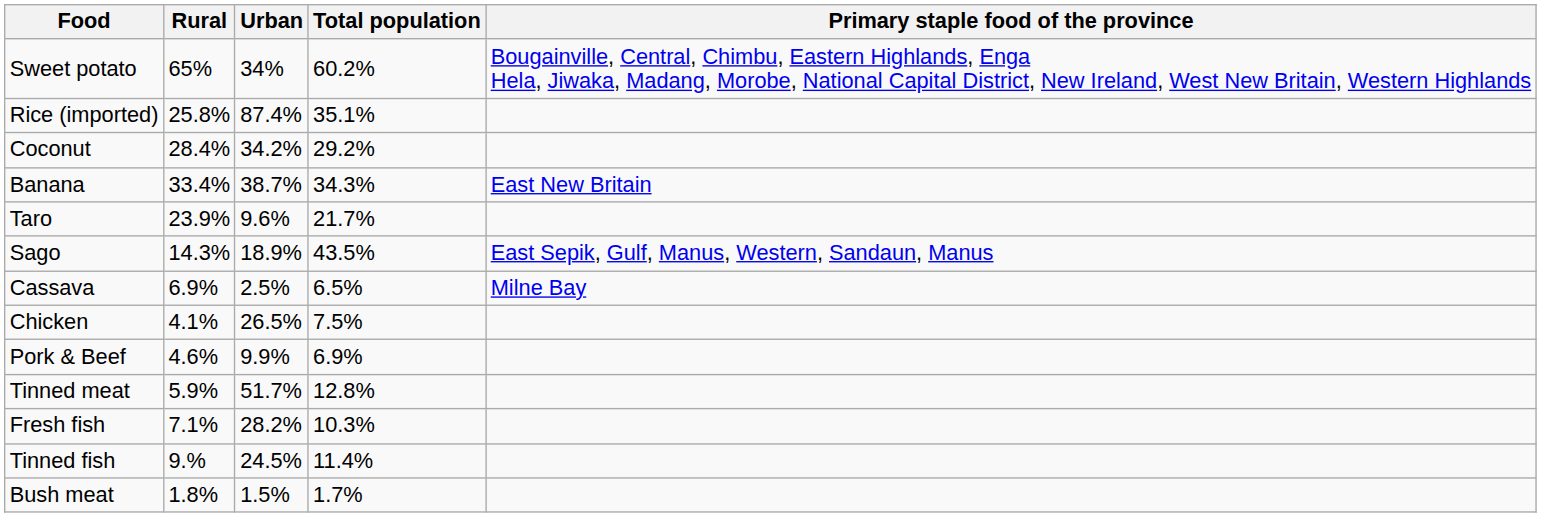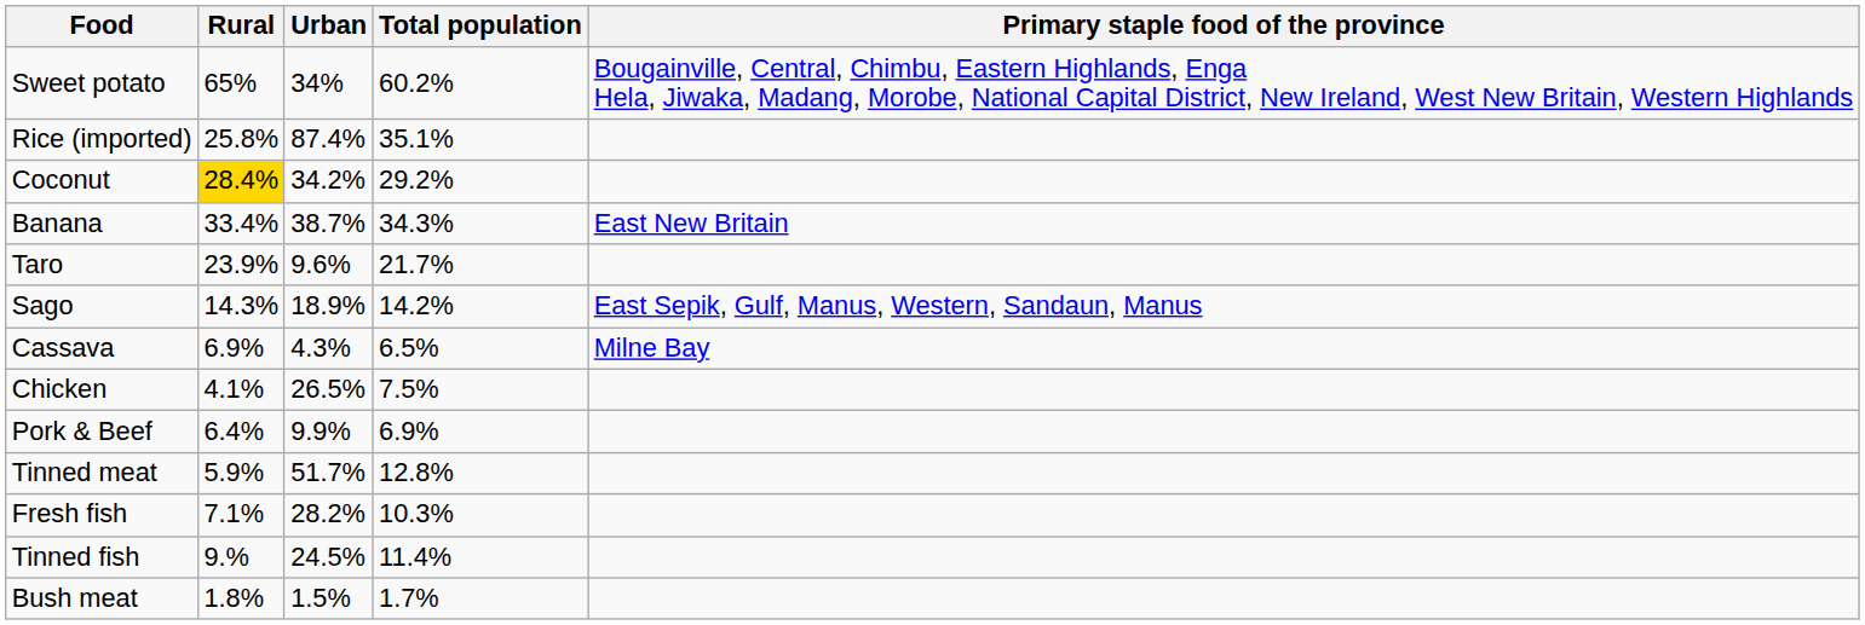 <table class="wikitable">
 <tr>
 <th>Food</th>
 <th>Rural</th>
 <th>Urban</th>
 <th>Total population</th>
 <th>Primary staple food of the province</th>
 </tr>
 <tr>
 <td>Sweet potato</td>
 <td>65%</td>
 <td>34%</td>
 <td>60.2%</td>
 <td><a href='#'>Bougainville</a>, <a href='#'>Central</a>, <a href='#'>Chimbu</a>, <a href='#'>Eastern Highlands</a>, <a href='#'>Enga</a><br><a href='#'>Hela</a>, <a href='#'>Jiwaka</a>, <a href='#'>Madang</a>, <a href='#'>Morobe</a>, <a href='#'>National Capital District</a>, <a href='#'>New Ireland</a>, <a href='#'>West New Britain</a>, <a href='#'>Western Highlands</a></td>
 </tr>
 <tr>
 <td>Rice (imported)</td>
 <td>25.8%</td>
 <td>87.4%</td>
 <td>35.1%</td>
 <td></td>
 </tr>
 <tr>
 <td>Coconut</td>
-<td>28.4%</td>
+<td style="background: gold;">28.4%</td>
 <td>34.2%</td>
 <td>29.2%</td>
 <td></td>
 </tr>
 <tr>
 <td>Banana</td>
 <td>33.4%</td>
 <td>38.7%</td>
 <td>34.3%</td>
 <td><a href='#'>East New Britain</a></td>
 </tr>
 <tr>
 <td>Taro</td>
 <td>23.9%</td>
 <td>9.6%</td>
 <td>21.7%</td>
 <td></td>
 </tr>
 <tr>
 <td>Sago</td>
 <td>14.3%</td>
 <td>18.9%</td>
-<td>43.5%</td>
+<td>14.2%</td>
 <td><a href='#'>East Sepik</a>, <a href='#'>Gulf</a>, <a href='#'>Manus</a>, <a href='#'>Western</a>, <a href='#'>Sandaun</a>, <a href='#'>Manus</a></td>
 </tr>
 <tr>
 <td>Cassava</td>
 <td>6.9%</td>
-<td>2.5%</td>
+<td>4.3%</td>
 <td>6.5%</td>
 <td><a href='#'>Milne Bay</a></td>
 </tr>
 <tr>
 <td>Chicken</td>
 <td>4.1%</td>
 <td>26.5%</td>
 <td>7.5%</td>
 <td></td>
 </tr>
 <tr>
 <td>Pork & Beef</td>
-<td>4.6%</td>
+<td>6.4%</td>
 <td>9.9%</td>
 <td>6.9%</td>
 <td></td>
 </tr>
 <tr>
 <td>Tinned meat</td>
 <td>5.9%</td>
 <td>51.7%</td>
 <td>12.8%</td>
 <td></td>
 </tr>
 <tr>
 <td>Fresh fish</td>
 <td>7.1%</td>
 <td>28.2%</td>
 <td>10.3%</td>
 <td></td>
 </tr>
 <tr>
 <td>Tinned fish</td>
 <td>9.%</td>
 <td>24.5%</td>
 <td>11.4%</td>
 <td></td>
 </tr>
 <tr>
 <td>Bush meat</td>
 <td>1.8%</td>
 <td>1.5%</td>
 <td>1.7%</td>
 <td></td>
 </tr>
 </table>
